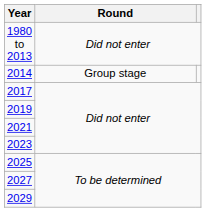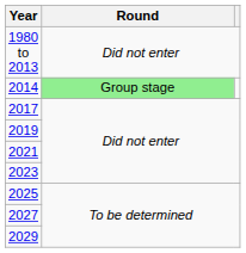 <table class="wikitable" style="text-align: center; font-size:90%">
 <tr>
 <th>Year</th>
 <th style="width:200px">Round</th>
 <th></th>
 </tr>
 <tr>
 <td><a href='#'>1980</a><br>to<br><a href='#'>2013</a></td>
 <td colspan="2"><em>Did not enter</em></td>
 </tr>
 <tr>
 <td><a href='#'>2014</a></td>
-<td>Group stage</td>
+<td style="background: lightgreen;">Group stage</td>
 <td></td>
 </tr>
 <tr>
 <td><a href='#'>2017</a></td>
 <td colspan="2" rowspan="4"><em>Did not enter</em></td>
 </tr>
 <tr>
 <td><a href='#'>2019</a></td>
 </tr>
 <tr>
 <td><a href='#'>2021</a></td>
 </tr>
 <tr>
 <td><a href='#'>2023</a></td>
 </tr>
 <tr>
 <td><a href='#'>2025</a></td>
 <td colspan="2" rowspan="3"><em>To be determined</em></td>
 </tr>
 <tr>
 <td><a href='#'>2027</a></td>
 </tr>
 <tr>
 <td><a href='#'>2029</a></td>
 </tr>
 </table>
